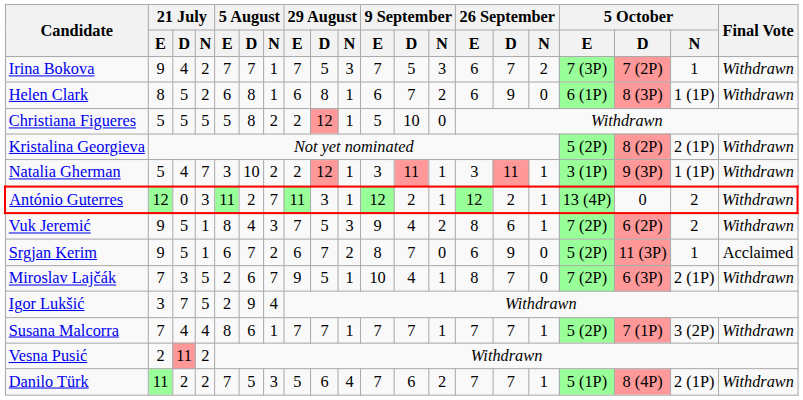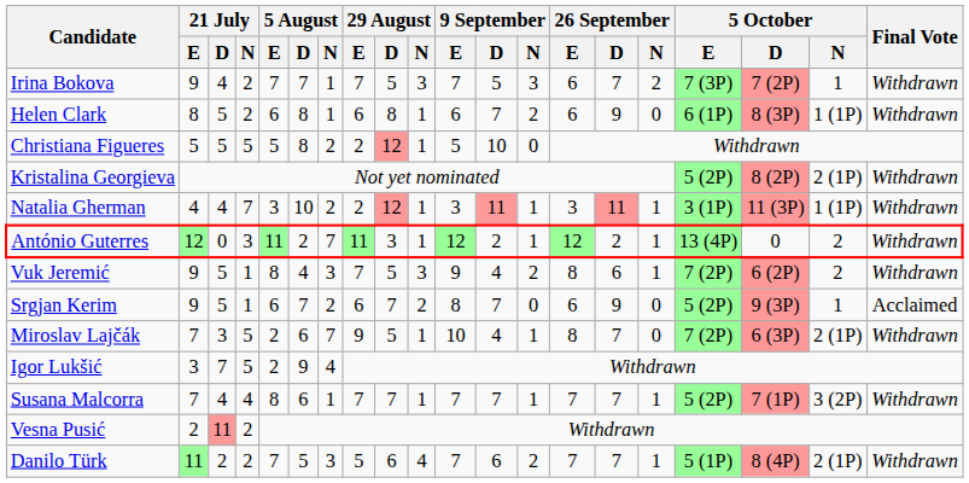 <table class="wikitable sortable" style="text-align:center;">
 <tr>
 <th rowspan="2">Candidate</th>
 <th colspan="3">21 July</th>
 <th colspan="3">5 August</th>
 <th colspan="3">29 August</th>
 <th colspan="3">9 September</th>
 <th colspan="3">26 September</th>
 <th colspan="3">5 October</th>
 <th rowspan="2">Final Vote</th>
 </tr>
 <tr>
 <th><abbr>E</abbr></th>
 <th><abbr>D</abbr></th>
 <th><abbr>N</abbr></th>
 <th><abbr>E</abbr></th>
 <th><abbr>D</abbr></th>
 <th><abbr>N</abbr></th>
 <th><abbr>E</abbr></th>
 <th><abbr>D</abbr></th>
 <th><abbr>N</abbr></th>
 <th><abbr>E</abbr></th>
 <th><abbr>D</abbr></th>
 <th><abbr>N</abbr></th>
 <th><abbr>E</abbr></th>
 <th><abbr>D</abbr></th>
 <th><abbr>N</abbr></th>
 <th><abbr>E</abbr></th>
 <th><abbr>D</abbr></th>
 <th><abbr>N</abbr></th>
 </tr>
 <tr>
 <td style="text-align:left;"> <a href='#'>Irina Bokova</a></td>
 <td>9</td>
 <td>4</td>
 <td>2</td>
 <td>7</td>
 <td>7</td>
 <td>1</td>
 <td>7</td>
 <td>5</td>
 <td>3</td>
 <td>7</td>
 <td>5</td>
 <td>3</td>
 <td>6</td>
 <td>7</td>
 <td>2</td>
 <td style="background:#99ff99">7 (3P)</td>
 <td style="background:#ff9999">7 (2P)</td>
 <td>1</td>
 <td><em>Withdrawn</em></td>
 </tr>
 <tr>
 <td style="text-align:left;"> <a href='#'>Helen Clark</a></td>
 <td>8</td>
 <td>5</td>
 <td>2</td>
 <td>6</td>
 <td>8</td>
 <td>1</td>
 <td>6</td>
 <td>8</td>
 <td>1</td>
 <td>6</td>
 <td>7</td>
 <td>2</td>
 <td>6</td>
 <td>9</td>
 <td>0</td>
 <td style="background:#99ff99">6 (1P)</td>
 <td style="background:#ff9999">8 (3P)</td>
 <td>1 (1P)</td>
 <td><em>Withdrawn</em></td>
 </tr>
 <tr>
 <td style="text-align:left;"> <a href='#'>Christiana Figueres</a></td>
 <td>5</td>
 <td>5</td>
 <td>5</td>
 <td>5</td>
 <td>8</td>
 <td>2</td>
 <td>2</td>
 <td style="background:#ff9999">12</td>
 <td>1</td>
 <td>5</td>
 <td>10</td>
 <td>0</td>
 <td colspan="7"><em>Withdrawn</em></td>
 </tr>
 <tr>
 <td style="text-align:left;"> <a href='#'>Kristalina Georgieva</a></td>
 <td colspan="15"><em>Not yet nominated</em></td>
 <td style="background:#99ff99">5 (2P)</td>
 <td style="background:#ff9999">8 (2P)</td>
 <td>2 (1P)</td>
 <td><em>Withdrawn</em></td>
 </tr>
 <tr>
 <td style="text-align:left;"> <a href='#'>Natalia Gherman</a></td>
-<td>5</td>
+<td>4</td>
 <td>4</td>
 <td>7</td>
 <td>3</td>
 <td>10</td>
 <td>2</td>
 <td>2</td>
 <td style="background:#ff9999">12</td>
 <td>1</td>
 <td>3</td>
 <td style="background:#ff9999">11</td>
 <td>1</td>
 <td>3</td>
 <td style="background:#ff9999">11</td>
 <td>1</td>
 <td style="background:#99ff99">3 (1P)</td>
-<td style="background:#ff9999">9 (3P)</td>
+<td style="background:#ff9999">11 (3P)</td>
 <td>1 (1P)</td>
 <td><em>Withdrawn</em></td>
 </tr>
 <tr style="border: 2px solid red">
 <td style="text-align:left;"> <a href='#'>António Guterres</a></td>
 <td style="background:#99ff99">12</td>
 <td>0</td>
 <td>3</td>
 <td style="background:#99ff99">11</td>
 <td>2</td>
 <td>7</td>
 <td style="background:#99ff99">11</td>
 <td>3</td>
 <td>1</td>
 <td style="background:#99ff99">12</td>
 <td>2</td>
 <td>1</td>
 <td style="background:#99ff99">12</td>
 <td>2</td>
 <td>1</td>
 <td style="background:#99ff99">13 (4P)</td>
 <td>0</td>
 <td>2</td>
 <td><em>Withdrawn</em></td>
 </tr>
 <tr>
 <td style="text-align:left;"> <a href='#'>Vuk Jeremić</a></td>
 <td>9</td>
 <td>5</td>
 <td>1</td>
 <td>8</td>
 <td>4</td>
 <td>3</td>
 <td>7</td>
 <td>5</td>
 <td>3</td>
 <td>9</td>
 <td>4</td>
 <td>2</td>
 <td>8</td>
 <td>6</td>
 <td>1</td>
 <td style="background:#99ff99">7 (2P)</td>
 <td style="background:#ff9999">6 (2P)</td>
 <td>2</td>
 <td><em>Withdrawn</em></td>
 </tr>
 <tr>
 <td style="text-align:left;"> <a href='#'>Srgjan Kerim</a></td>
 <td>9</td>
 <td>5</td>
 <td>1</td>
 <td>6</td>
 <td>7</td>
 <td>2</td>
 <td>6</td>
 <td>7</td>
 <td>2</td>
 <td>8</td>
 <td>7</td>
 <td>0</td>
 <td>6</td>
 <td>9</td>
 <td>0</td>
 <td style="background:#99ff99">5 (2P)</td>
-<td style="background:#ff9999">11 (3P)</td>
+<td style="background:#ff9999">9 (3P)</td>
 <td>1</td>
 <td>Acclaimed</td>
 </tr>
 <tr>
 <td style="text-align:left;"> <a href='#'>Miroslav Lajčák</a></td>
 <td>7</td>
 <td>3</td>
 <td>5</td>
 <td>2</td>
 <td>6</td>
 <td>7</td>
 <td>9</td>
 <td>5</td>
 <td>1</td>
 <td>10</td>
 <td>4</td>
 <td>1</td>
 <td>8</td>
 <td>7</td>
 <td>0</td>
 <td style="background:#99ff99">7 (2P)</td>
 <td style="background:#ff9999">6 (3P)</td>
 <td>2 (1P)</td>
 <td><em>Withdrawn</em></td>
 </tr>
 <tr>
 <td style="text-align:left;"> <a href='#'>Igor Lukšić</a></td>
 <td>3</td>
 <td>7</td>
 <td>5</td>
 <td>2</td>
 <td>9</td>
 <td>4</td>
 <td colspan="13"><em>Withdrawn</em></td>
 </tr>
 <tr>
 <td style="text-align:left;"> <a href='#'>Susana Malcorra</a></td>
 <td>7</td>
 <td>4</td>
 <td>4</td>
 <td>8</td>
 <td>6</td>
 <td>1</td>
 <td>7</td>
 <td>7</td>
 <td>1</td>
 <td>7</td>
 <td>7</td>
 <td>1</td>
 <td>7</td>
 <td>7</td>
 <td>1</td>
 <td style="background:#99ff99">5 (2P)</td>
 <td style="background:#ff9999">7 (1P)</td>
 <td>3 (2P)</td>
 <td><em>Withdrawn</em></td>
 </tr>
 <tr>
 <td style="text-align:left;"> <a href='#'>Vesna Pusić</a></td>
 <td>2</td>
 <td style="background:#ff9999">11</td>
 <td>2</td>
 <td colspan="16"><em>Withdrawn</em></td>
 </tr>
 <tr>
 <td style="text-align:left;"> <a href='#'>Danilo Türk</a></td>
 <td style="background:#99ff99">11</td>
 <td>2</td>
 <td>2</td>
 <td>7</td>
 <td>5</td>
 <td>3</td>
 <td>5</td>
 <td>6</td>
 <td>4</td>
 <td>7</td>
 <td>6</td>
 <td>2</td>
 <td>7</td>
 <td>7</td>
 <td>1</td>
 <td style="background:#99ff99">5 (1P)</td>
 <td style="background:#ff9999">8 (4P)</td>
 <td>2 (1P)</td>
 <td><em>Withdrawn</em></td>
 </tr>
 </table>
